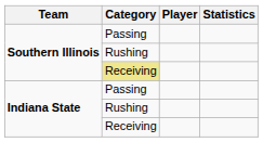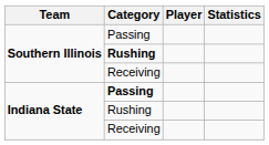 <table class="wikitable" style="float: right;">
 <tr>
 <th>Team</th>
 <th>Category</th>
 <th>Player</th>
 <th>Statistics</th>
 </tr>
 <tr>
 <td rowspan=3><strong>Southern Illinois</strong></td>
 <td>Passing</td>
 <td></td>
 <td></td>
 </tr>
 <tr>
-<td>Rushing</td>
+<td><strong>Rushing</strong></td>
 <td></td>
 <td></td>
 </tr>
 <tr>
-<td style="background: khaki;">Receiving</td>
+<td>Receiving</td>
 <td></td>
 <td></td>
 </tr>
 <tr>
 <td rowspan=3><strong>Indiana State</strong></td>
-<td>Passing</td>
+<td><strong>Passing</strong></td>
 <td></td>
 <td></td>
 </tr>
 <tr>
 <td>Rushing</td>
 <td></td>
 <td></td>
 </tr>
 <tr>
 <td>Receiving</td>
 <td></td>
 <td></td>
 </tr>
 </table>
